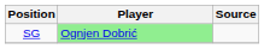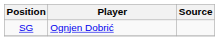 <table class="wikitable sortable" style="text-align: center;">
 <tr>
 <th>Position</th>
 <th style="width:200px;">Player</th>
 <th>Source</th>
 </tr>
 <tr>
 <td><a href='#'>SG</a></td>
-<td style="background: lightgreen; text-align:left"> <a href='#'>Ognjen Dobrić</a></td>
+<td style="text-align:left"> <a href='#'>Ognjen Dobrić</a></td>
 <td></td>
 </tr>
 <tr>
 </tr>
 </table>
